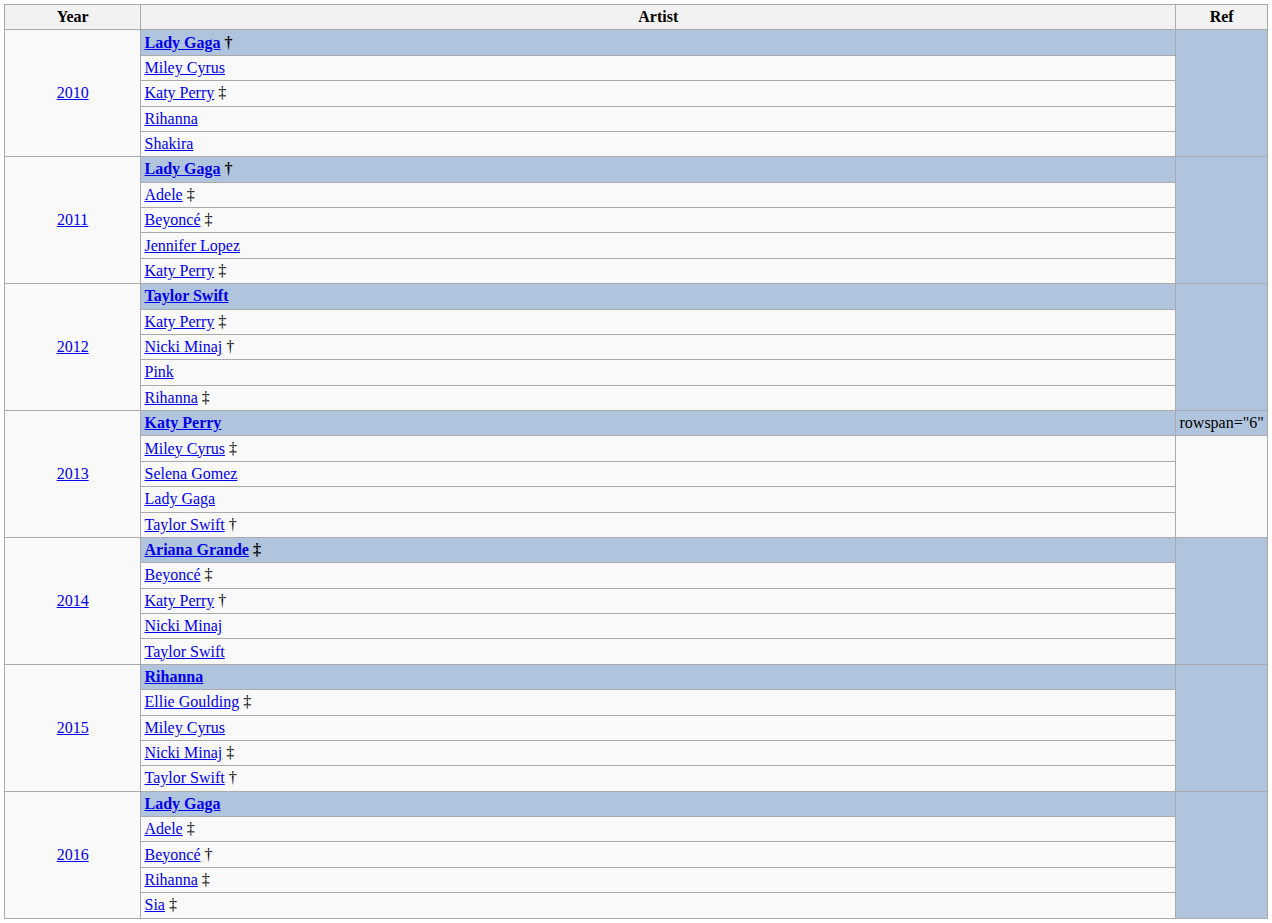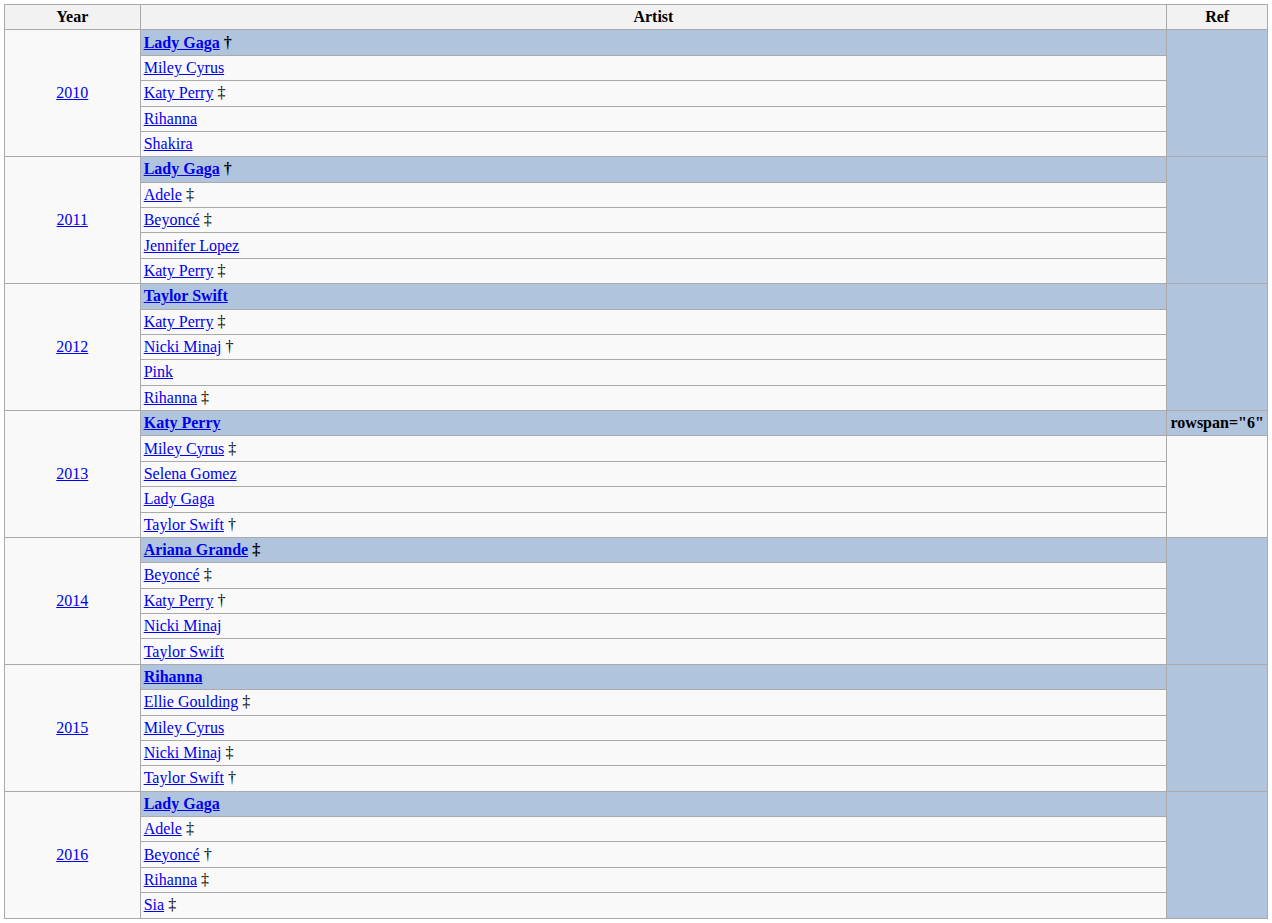 <table class="wikitable" style="width:100%;">
 <tr style="background:#bebebe;">
 <th style="width:11%;">Year</th>
 <th style="width:84%;">Artist</th>
 <th style="width:5%;">Ref</th>
 </tr>
 <tr>
 <td rowspan="6" align="center"><a href='#'>2010</a></td>
 </tr>
 <tr style="background:#B0C4DE">
 <td><strong><a href='#'>Lady Gaga</a> †</strong></td>
 <td rowspan="6" align="center"></td>
 </tr>
 <tr>
 <td><a href='#'>Miley Cyrus</a></td>
 </tr>
 <tr>
 <td><a href='#'>Katy Perry</a> ‡</td>
 </tr>
 <tr>
 <td><a href='#'>Rihanna</a></td>
 </tr>
 <tr>
 <td><a href='#'>Shakira</a></td>
 </tr>
 <tr>
 <td rowspan="6" align="center"><a href='#'>2011</a></td>
 </tr>
 <tr style="background:#B0C4DE">
 <td><strong><a href='#'>Lady Gaga</a> †</strong></td>
 <td rowspan="6" align="center"></td>
 </tr>
 <tr>
 <td><a href='#'>Adele</a> ‡</td>
 </tr>
 <tr>
 <td><a href='#'>Beyoncé</a> ‡</td>
 </tr>
 <tr>
 <td><a href='#'>Jennifer Lopez</a></td>
 </tr>
 <tr>
 <td><a href='#'>Katy Perry</a> ‡</td>
 </tr>
 <tr>
 <td rowspan="6" align="center"><a href='#'>2012</a></td>
 </tr>
 <tr style="background:#B0C4DE">
 <td><strong><a href='#'>Taylor Swift</a></strong></td>
 <td rowspan="6" align="center"></td>
 </tr>
 <tr>
 <td><a href='#'>Katy Perry</a> ‡</td>
 </tr>
 <tr>
 <td><a href='#'>Nicki Minaj</a> †</td>
 </tr>
 <tr>
 <td><a href='#'>Pink</a></td>
 </tr>
 <tr>
 <td><a href='#'>Rihanna</a> ‡</td>
 </tr>
 <tr>
 <td rowspan="6" align="center"><a href='#'>2013</a></td>
 </tr>
 <tr style="background:#B0C4DE">
 <td><strong><a href='#'>Katy Perry</a></strong></td>
-<td>rowspan="6" </td>
+<td><strong>rowspan="6" </strong></td>
 </tr>
 <tr>
 <td><a href='#'>Miley Cyrus</a> ‡</td>
 </tr>
 <tr>
 <td><a href='#'>Selena Gomez</a></td>
 </tr>
 <tr>
 <td><a href='#'>Lady Gaga</a></td>
 </tr>
 <tr>
 <td><a href='#'>Taylor Swift</a> †</td>
 </tr>
 <tr>
 <td rowspan="6" align="center"><a href='#'>2014</a></td>
 </tr>
 <tr style="background:#B0C4DE">
 <td><strong><a href='#'>Ariana Grande</a> ‡</strong></td>
 <td rowspan="6" align="center"></td>
 </tr>
 <tr>
 <td><a href='#'>Beyoncé</a> ‡</td>
 </tr>
 <tr>
 <td><a href='#'>Katy Perry</a> †</td>
 </tr>
 <tr>
 <td><a href='#'>Nicki Minaj</a></td>
 </tr>
 <tr>
 <td><a href='#'>Taylor Swift</a></td>
 </tr>
 <tr>
 <td rowspan="6" align="center"><a href='#'>2015</a></td>
 </tr>
 <tr style="background:#B0C4DE">
 <td><strong><a href='#'>Rihanna</a></strong></td>
 <td rowspan="5" align="center"></td>
 </tr>
 <tr>
 <td><a href='#'>Ellie Goulding</a> ‡</td>
 </tr>
 <tr>
 <td><a href='#'>Miley Cyrus</a></td>
 </tr>
 <tr>
 <td><a href='#'>Nicki Minaj</a> ‡</td>
 </tr>
 <tr>
 <td><a href='#'>Taylor Swift</a> †</td>
 </tr>
 <tr>
 <td rowspan="6" align="center"><a href='#'>2016</a></td>
 </tr>
 <tr style="background:#B0C4DE">
 <td><strong><a href='#'>Lady Gaga</a></strong></td>
 <td rowspan="5" align="center"></td>
 </tr>
 <tr>
 <td><a href='#'>Adele</a> ‡</td>
 </tr>
 <tr>
 <td><a href='#'>Beyoncé</a> †</td>
 </tr>
 <tr>
 <td><a href='#'>Rihanna</a> ‡</td>
 </tr>
 <tr>
 <td><a href='#'>Sia</a> ‡</td>
 </tr>
 <tr>
 </tr>
 </table>
